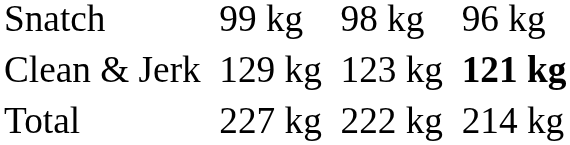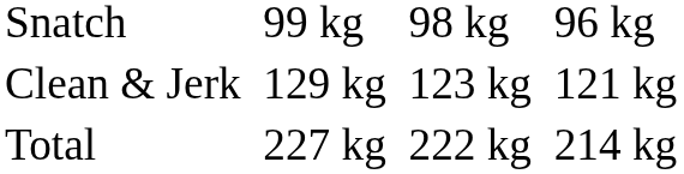 <table>
 <tr>
 <td>Snatch</td>
 <td></td>
 <td>99 kg</td>
 <td></td>
 <td>98 kg</td>
 <td></td>
 <td>96 kg</td>
 </tr>
 <tr>
 <td>Clean & Jerk</td>
 <td></td>
 <td>129 kg</td>
 <td></td>
 <td>123 kg</td>
 <td></td>
-<td><strong>121 kg</strong></td>
+<td>121 kg</td>
 </tr>
 <tr>
 <td>Total</td>
 <td></td>
 <td>227 kg</td>
 <td></td>
 <td>222 kg</td>
 <td></td>
 <td>214 kg</td>
 </tr>
 </table>
